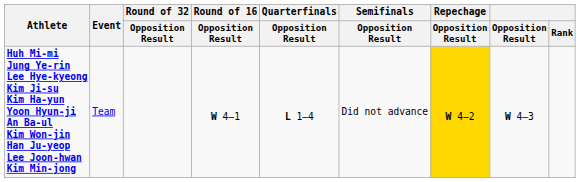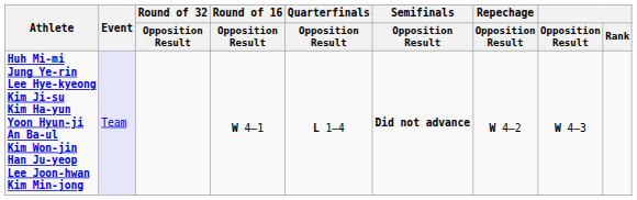 <table class="wikitable" style="font-size:90%">
 <tr>
 <th rowspan="2">Athlete</th>
 <th rowspan="2">Event</th>
 <th>Round of 32</th>
 <th>Round of 16</th>
 <th>Quarterfinals</th>
 <th>Semifinals</th>
 <th>Repechage</th>
 <th colspan=2></th>
 </tr>
 <tr style="font-size:95%">
 <th>Opposition<br>Result</th>
 <th>Opposition<br>Result</th>
 <th>Opposition<br>Result</th>
 <th>Opposition<br>Result</th>
 <th>Opposition<br>Result</th>
 <th>Opposition<br>Result</th>
 <th>Rank</th>
 </tr>
 <tr align=center>
 <td align=left><strong><a href='#'>Huh Mi-mi</a><br><a href='#'>Jung Ye-rin</a><br><a href='#'>Lee Hye-kyeong</a><br><a href='#'>Kim Ji-su</a><br><a href='#'>Kim Ha-yun</a><br><a href='#'>Yoon Hyun-ji</a><br><a href='#'>An Ba-ul</a><br><a href='#'>Kim Won-jin</a><br><a href='#'>Han Ju-yeop</a><br><a href='#'>Lee Joon-hwan</a><br><a href='#'>Kim Min-jong</a></strong></td>
-<td align=left><a href='#'>Team</a></td>
+<td align=left style="background: lavender;"><a href='#'>Team</a></td>
 <td></td>
 <td><br><strong>W</strong> 4–1</td>
 <td><br><strong>L</strong> 1–4</td>
-<td>Did not advance</td>
-<td style="background: gold;"><br><strong>W</strong> 4–2</td>
+<td><strong>Did not advance</strong></td>
+<td><br><strong>W</strong> 4–2</td>
 <td><br><strong>W</strong> 4–3</td>
 <td></td>
 </tr>
 </table>
